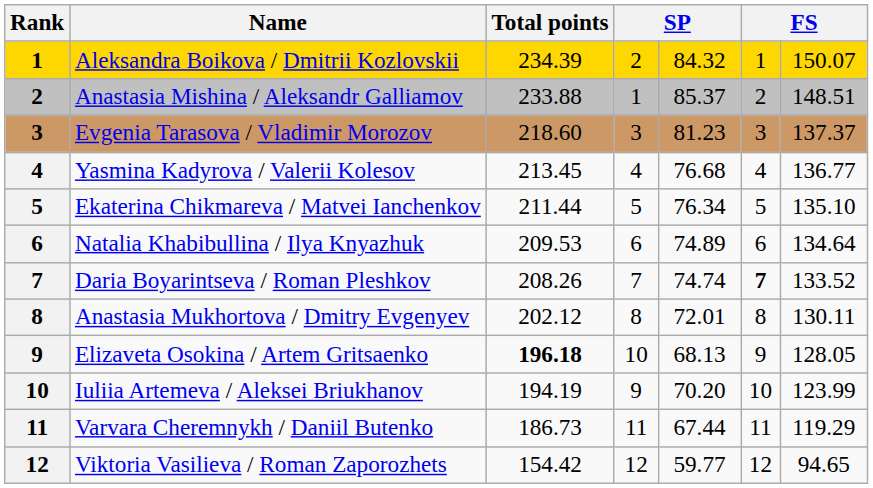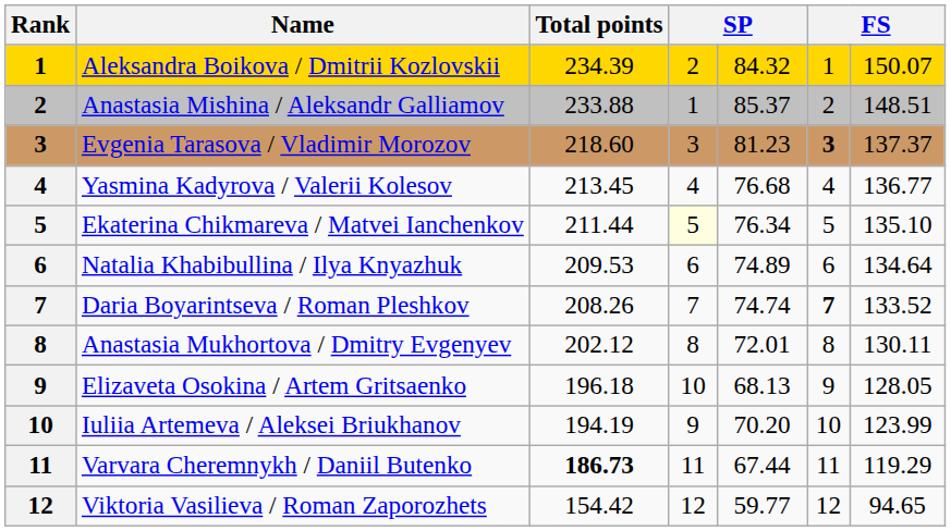 <table class="wikitable sortable">
 <tr>
 <th>Rank</th>
 <th>Name</th>
 <th>Total points</th>
 <th colspan="2" width="80px"><a href='#'>SP</a></th>
 <th colspan="2" width="80px"><a href='#'>FS</a></th>
 </tr>
 <tr bgcolor="gold">
 <td align="center"><strong>1</strong></td>
 <td><a href='#'>Aleksandra Boikova</a> / <a href='#'>Dmitrii Kozlovskii</a></td>
 <td align="center">234.39</td>
 <td align="center">2</td>
 <td align="center">84.32</td>
 <td align="center">1</td>
 <td align="center">150.07</td>
 </tr>
 <tr bgcolor="silver">
 <td align="center"><strong>2</strong></td>
 <td><a href='#'>Anastasia Mishina</a> / <a href='#'>Aleksandr Galliamov</a></td>
 <td align="center">233.88</td>
 <td align="center">1</td>
 <td align="center">85.37</td>
 <td align="center">2</td>
 <td align="center">148.51</td>
 </tr>
 <tr bgcolor="cc9966">
 <td align="center"><strong>3</strong></td>
 <td><a href='#'>Evgenia Tarasova</a> / <a href='#'>Vladimir Morozov</a></td>
 <td align="center">218.60</td>
 <td align="center">3</td>
 <td align="center">81.23</td>
-<td align="center">3</td>
+<td align="center"><strong>3</strong></td>
 <td align="center">137.37</td>
 </tr>
 <tr>
 <th>4</th>
 <td><a href='#'>Yasmina Kadyrova</a> / <a href='#'>Valerii Kolesov</a></td>
 <td align="center">213.45</td>
 <td align="center">4</td>
 <td align="center">76.68</td>
 <td align="center">4</td>
 <td align="center">136.77</td>
 </tr>
 <tr>
 <th>5</th>
 <td><a href='#'>Ekaterina Chikmareva</a> / <a href='#'>Matvei Ianchenkov</a></td>
 <td align="center">211.44</td>
-<td align="center">5</td>
+<td align="center" style="background: lightyellow;">5</td>
 <td align="center">76.34</td>
 <td align="center">5</td>
 <td align="center">135.10</td>
 </tr>
 <tr>
 <th>6</th>
 <td><a href='#'>Natalia Khabibullina</a> / <a href='#'>Ilya Knyazhuk</a></td>
 <td align="center">209.53</td>
 <td align="center">6</td>
 <td align="center">74.89</td>
 <td align="center">6</td>
 <td align="center">134.64</td>
 </tr>
 <tr>
 <th>7</th>
 <td><a href='#'>Daria Boyarintseva</a> / <a href='#'>Roman Pleshkov</a></td>
 <td align="center">208.26</td>
 <td align="center">7</td>
 <td align="center">74.74</td>
 <td align="center"><strong>7</strong></td>
 <td align="center">133.52</td>
 </tr>
 <tr>
 <th>8</th>
 <td><a href='#'>Anastasia Mukhortova</a> / <a href='#'>Dmitry Evgenyev</a></td>
 <td align="center">202.12</td>
 <td align="center">8</td>
 <td align="center">72.01</td>
 <td align="center">8</td>
 <td align="center">130.11</td>
 </tr>
 <tr>
 <th>9</th>
 <td><a href='#'>Elizaveta Osokina</a> / <a href='#'>Artem Gritsaenko</a></td>
-<td align="center"><strong>196.18</strong></td>
+<td align="center">196.18</td>
 <td align="center">10</td>
 <td align="center">68.13</td>
 <td align="center">9</td>
 <td align="center">128.05</td>
 </tr>
 <tr>
 <th>10</th>
 <td><a href='#'>Iuliia Artemeva</a> / <a href='#'>Aleksei Briukhanov</a></td>
 <td align="center">194.19</td>
 <td align="center">9</td>
 <td align="center">70.20</td>
 <td align="center">10</td>
 <td align="center">123.99</td>
 </tr>
 <tr>
 <th>11</th>
 <td><a href='#'>Varvara Cheremnykh</a> / <a href='#'>Daniil Butenko</a></td>
-<td align="center">186.73</td>
+<td align="center"><strong>186.73</strong></td>
 <td align="center">11</td>
 <td align="center">67.44</td>
 <td align="center">11</td>
 <td align="center">119.29</td>
 </tr>
 <tr>
 <th>12</th>
 <td><a href='#'>Viktoria Vasilieva</a> / <a href='#'>Roman Zaporozhets</a></td>
 <td align="center">154.42</td>
 <td align="center">12</td>
 <td align="center">59.77</td>
 <td align="center">12</td>
 <td align="center">94.65</td>
 </tr>
 </table>
